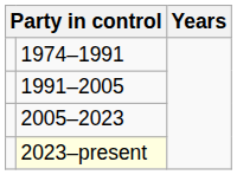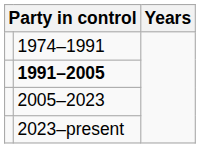 <table class="wikitable">
 <tr>
 <th colspan=2>Party in control</th>
 <th>Years</th>
 </tr>
 <tr>
 <td></td>
 <td>1974–1991</td>
 </tr>
 <tr>
 <td></td>
-<td>1991–2005</td>
+<td><strong>1991–2005</strong></td>
 </tr>
 <tr>
 <td></td>
 <td>2005–2023</td>
 </tr>
 <tr>
 <td></td>
-<td style="background: lightyellow;">2023–present</td>
+<td>2023–present</td>
 </tr>
 </table>
